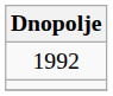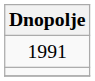 <table class="wikitable" style="margin: 0.5em auto; text-align: center;">
 <tr>
 <th colspan="1">Dnopolje</th>
 </tr>
 <tr>
-<td>1992</td>
+<td>1991</td>
 </tr>
 <tr>
 <td></td>
 </tr>
 <tr>
 </tr>
 </table>
